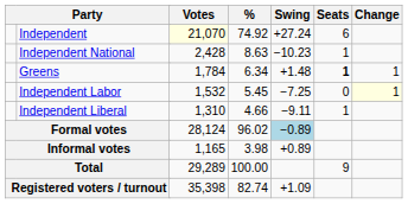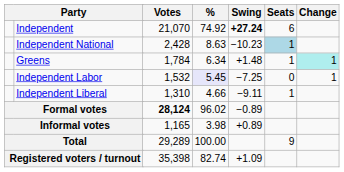 <table class="wikitable" style="text-align:right; margin-bottom:0">
 <tr>
 <th style="width:10px" colspan=3>Party</th>
 <th style="width:70px;">Votes</th>
 <th style="width:40px;">%</th>
 <th style="width:40px;">Swing</th>
 <th style="width:40px;">Seats</th>
 <th style="width:40px;">Change</th>
 </tr>
 <tr>
 <td> </td>
 <td style="text-align:left;" colspan="2"><a href='#'>Independent</a></td>
-<td style="background: lightyellow;">21,070</td>
+<td>21,070</td>
 <td>74.92</td>
-<td>+27.24</td>
+<td><strong>+27.24</strong></td>
 <td>6</td>
 <td></td>
 </tr>
 <tr>
 <td> </td>
 <td style="text-align:left;" colspan="2"><a href='#'>Independent National</a></td>
 <td>2,428</td>
 <td>8.63</td>
 <td>−10.23</td>
-<td>1</td>
+<td style="background: lightblue;">1</td>
 <td></td>
 </tr>
 <tr>
 <td> </td>
 <td style="text-align:left;" colspan="2"><a href='#'>Greens</a></td>
 <td>1,784</td>
 <td>6.34</td>
 <td>+1.48</td>
-<td><strong>1</strong></td>
-<td> 1</td>
+<td>1</td>
+<td style="background: paleturquoise;"> 1</td>
 </tr>
 <tr>
 <td> </td>
 <td style="text-align:left;" colspan="2"><a href='#'>Independent Labor</a></td>
 <td>1,532</td>
-<td>5.45</td>
+<td style="background: lavender;">5.45</td>
 <td>−7.25</td>
 <td>0</td>
-<td style="background: lightyellow;"> 1</td>
+<td> 1</td>
 </tr>
 <tr>
 <td> </td>
 <td style="text-align:left;" colspan="2"><a href='#'>Independent Liberal</a></td>
 <td>1,310</td>
 <td>4.66</td>
 <td>−9.11</td>
 <td>1</td>
 <td></td>
 </tr>
 <tr>
 <th colspan="3" rowspan="1"> Formal votes</th>
-<td>28,124</td>
+<td><strong>28,124</strong></td>
 <td>96.02</td>
-<td style="background: lightblue;">−0.89</td>
+<td>−0.89</td>
 <td></td>
 <td></td>
 </tr>
 <tr>
 <th colspan="3" rowspan="1"> Informal votes</th>
 <td>1,165</td>
 <td>3.98</td>
 <td>+0.89</td>
 <td></td>
 <td></td>
 </tr>
 <tr>
 <th colspan="3" rowspan="1"> Total</th>
 <td>29,289</td>
 <td>100.00</td>
 <td></td>
 <td>9</td>
 <td></td>
 </tr>
 <tr>
 <th colspan="3" rowspan="1"> Registered voters / turnout</th>
 <td>35,398</td>
 <td>82.74</td>
 <td>+1.09</td>
 <td></td>
 <td></td>
 </tr>
 </table>
